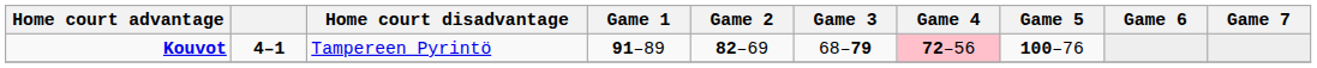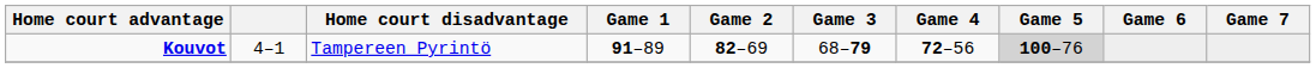 <table class=wikitable style="text-align:center; font-size:100%;">
 <tr>
 <th width=160>Home court advantage</th>
 <th width=50></th>
 <th width=200>Home court disadvantage</th>
 <th width=70>Game 1<br></th>
 <th width=70>Game 2<br></th>
 <th width=70>Game 3<br></th>
 <th width=70>Game 4<br></th>
 <th width=70>Game 5<br></th>
 <th width=70>Game 6<br></th>
 <th width=70>Game 7<br></th>
 </tr>
 <tr>
 <td align=right><strong><a href='#'>Kouvot</a></strong></td>
-<td><strong>4–1</strong></td>
+<td>4–1</td>
 <td align=left><a href='#'>Tampereen Pyrintö</a></td>
 <td><strong>91</strong>–89</td>
 <td><strong>82</strong>–69</td>
 <td>68–<strong>79</strong></td>
-<td style="background: pink;"><strong>72</strong>–56</td>
-<td><strong>100</strong>–76</td>
+<td><strong>72</strong>–56</td>
+<td style="background: lightgrey;"><strong>100</strong>–76</td>
 <td bgcolor=#eee></td>
 <td bgcolor=#eee></td>
 </tr>
 <tr>
 </tr>
 </table>
